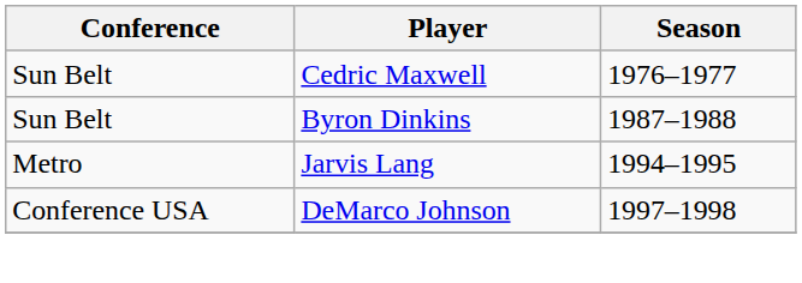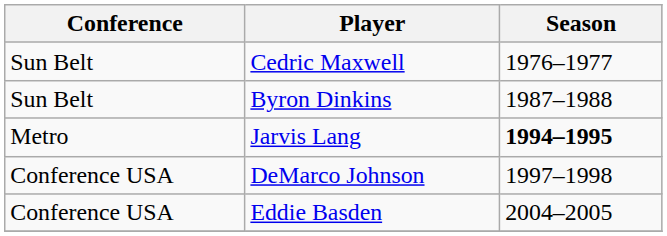 <table class="wikitable sortable" style="width: 35%">
 <tr>
 <th>Conference</th>
 <th>Player</th>
 <th>Season</th>
 </tr>
 <tr>
 <td>Sun Belt</td>
 <td><a href='#'>Cedric Maxwell</a></td>
 <td>1976–1977</td>
 </tr>
 <tr>
 <td>Sun Belt</td>
 <td><a href='#'>Byron Dinkins</a></td>
 <td>1987–1988</td>
 </tr>
 <tr>
 <td>Metro</td>
 <td><a href='#'>Jarvis Lang</a></td>
-<td>1994–1995</td>
+<td><strong>1994–1995</strong></td>
 </tr>
 <tr>
 <td>Conference USA</td>
 <td><a href='#'>DeMarco Johnson</a></td>
 <td>1997–1998</td>
 </tr>
 <tr>
+<td>Conference USA</td>
+<td><a href='#'>Eddie Basden</a></td>
+<td>2004–2005</td>
+</tr>
+<tr>
 </tr>
 </table>
